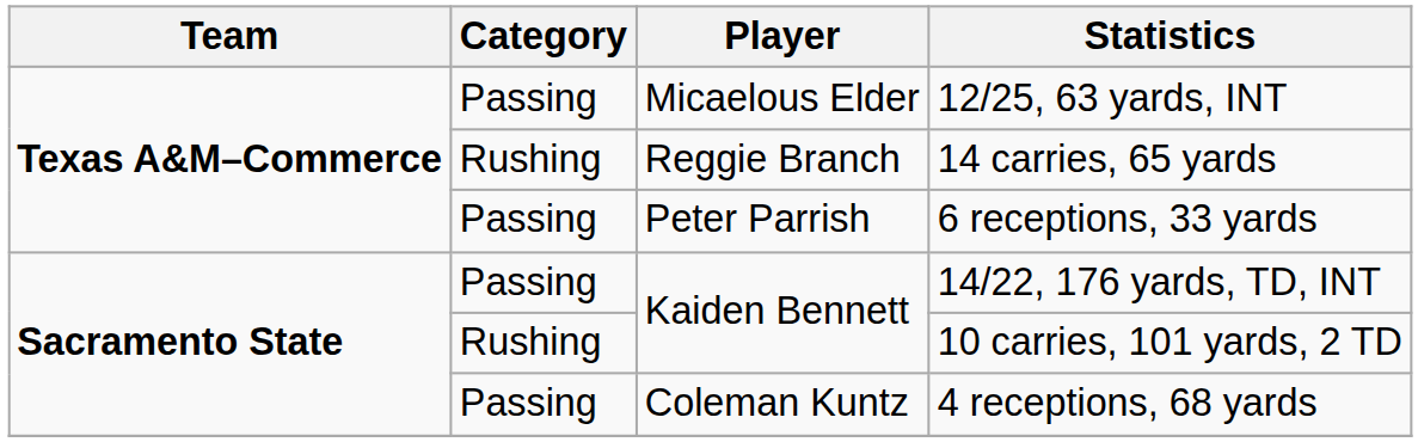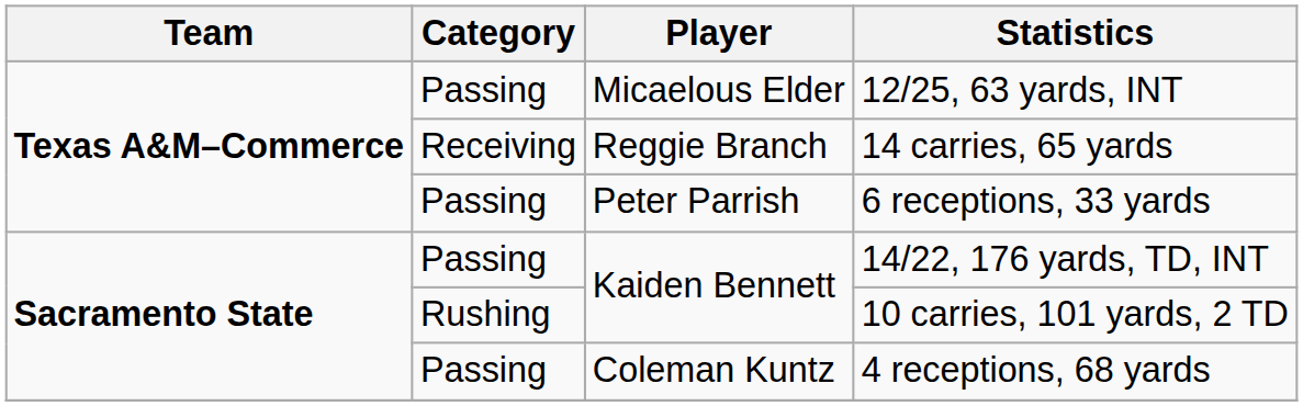 <table class="wikitable" style="float: right;">
 <tr>
 <th>Team</th>
 <th>Category</th>
 <th>Player</th>
 <th>Statistics</th>
 </tr>
 <tr>
 <td rowspan=3><strong>Texas A&M–Commerce</strong></td>
 <td>Passing</td>
 <td>Micaelous Elder</td>
 <td>12/25, 63 yards, INT</td>
 </tr>
 <tr>
-<td>Rushing</td>
+<td>Receiving</td>
 <td>Reggie Branch</td>
 <td>14 carries, 65 yards</td>
 </tr>
 <tr>
 <td>Passing</td>
 <td>Peter Parrish</td>
 <td>6 receptions, 33 yards</td>
 </tr>
 <tr>
 <td rowspan=3><strong>Sacramento State</strong></td>
 <td>Passing</td>
 <td rowspan="2">Kaiden Bennett</td>
 <td>14/22, 176 yards, TD, INT</td>
 </tr>
 <tr>
 <td>Rushing</td>
 <td>10 carries, 101 yards, 2 TD</td>
 </tr>
 <tr>
 <td>Passing</td>
 <td>Coleman Kuntz</td>
 <td>4 receptions, 68 yards</td>
 </tr>
 <tr>
 </tr>
 </table>
